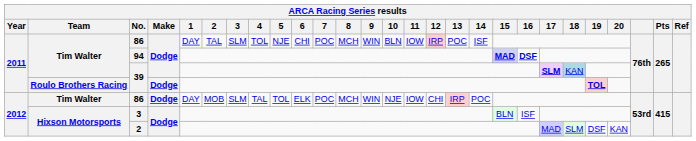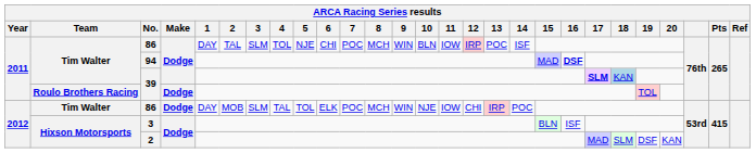 <table class="wikitable" style="text-align:center; font-size:75%">
 <tr>
 <th colspan=48><a href='#'>ARCA Racing Series</a> results</th>
 </tr>
 <tr>
 <th>Year</th>
 <th>Team</th>
 <th>No.</th>
 <th>Make</th>
 <th>1</th>
 <th>2</th>
 <th>3</th>
 <th>4</th>
 <th>5</th>
 <th>6</th>
 <th>7</th>
 <th>8</th>
 <th>9</th>
 <th>10</th>
 <th>11</th>
 <th>12</th>
 <th>13</th>
 <th>14</th>
 <th>15</th>
 <th>16</th>
 <th>17</th>
 <th>18</th>
 <th>19</th>
 <th>20</th>
 <th></th>
 <th>Pts</th>
 <th>Ref</th>
 </tr>
 <tr>
 <th rowspan=4><a href='#'>2011</a></th>
 <th rowspan=3>Tim Walter</th>
 <th>86</th>
 <th rowspan=3><a href='#'>Dodge</a></th>
 <td><a href='#'>DAY</a></td>
 <td><a href='#'>TAL</a></td>
 <td><a href='#'>SLM</a></td>
 <td><a href='#'>TOL</a></td>
 <td><a href='#'>NJE</a></td>
 <td><a href='#'>CHI</a></td>
 <td><a href='#'>POC</a></td>
 <td><a href='#'>MCH</a></td>
 <td><a href='#'>WIN</a></td>
 <td><a href='#'>BLN</a></td>
 <td><a href='#'>IOW</a></td>
 <td style="background:#FFCFCF;"><a href='#'>IRP</a><br></td>
 <td><a href='#'>POC</a></td>
 <td><a href='#'>ISF</a></td>
 <td colspan=6></td>
 <th rowspan=4>76th</th>
 <th rowspan=4>265</th>
 <th rowspan=4></th>
 </tr>
 <tr>
 <th>94</th>
 <td colspan=14></td>
-<td style="background:#CFCFFF;"><strong><a href='#'>MAD</a><br></strong></td>
+<td style="background:#CFCFFF;"><a href='#'>MAD</a><br></td>
 <td><strong><a href='#'>DSF</a></strong></td>
 <td colspan=4></td>
 </tr>
 <tr>
 <th rowspan=2>39</th>
 <td colspan=16></td>
 <td style="background:#EFCFFF;"><strong><a href='#'>SLM</a><br></strong></td>
 <td style="background: lightblue;"><a href='#'>KAN</a></td>
 <td colspan=2></td>
 </tr>
 <tr>
 <th><a href='#'>Roulo Brothers Racing</a></th>
 <th><a href='#'>Dodge</a></th>
 <td colspan=18></td>
-<td style="background:#FFCFCF;"><strong><a href='#'>TOL</a><br></strong></td>
+<td style="background:#FFCFCF;"><a href='#'>TOL</a><br></td>
 <td></td>
 </tr>
 <tr>
 <th rowspan=3><a href='#'>2012</a></th>
 <th>Tim Walter</th>
 <th>86</th>
 <th><a href='#'>Dodge</a></th>
 <td><a href='#'>DAY</a></td>
 <td><a href='#'>MOB</a></td>
 <td><a href='#'>SLM</a></td>
 <td><a href='#'>TAL</a></td>
 <td><a href='#'>TOL</a></td>
 <td><a href='#'>ELK</a></td>
 <td><a href='#'>POC</a></td>
 <td><a href='#'>MCH</a></td>
 <td><a href='#'>WIN</a></td>
 <td><a href='#'>NJE</a></td>
 <td><a href='#'>IOW</a></td>
 <td><a href='#'>CHI</a></td>
 <td style="background:#FFCFCF;"><a href='#'>IRP</a><br></td>
 <td><a href='#'>POC</a></td>
 <td colspan=6></td>
 <th rowspan=3>53rd</th>
 <th rowspan=3>415</th>
 <th rowspan=3></th>
 </tr>
 <tr>
 <th rowspan=2><a href='#'>Hixson Motorsports</a></th>
 <th>3</th>
 <th rowspan=2><a href='#'>Dodge</a></th>
 <td colspan=14></td>
 <td style="background:#DFFFDF;"><a href='#'>BLN</a><br></td>
 <td><a href='#'>ISF</a></td>
 <td colspan=4></td>
 </tr>
 <tr>
 <th>2</th>
 <td colspan=16></td>
 <td style="background:#CFCFFF;"><a href='#'>MAD</a><br></td>
 <td style="background:#DFFFDF;"><a href='#'>SLM</a><br></td>
 <td><a href='#'>DSF</a></td>
 <td><a href='#'>KAN</a></td>
 </tr>
 </table>
